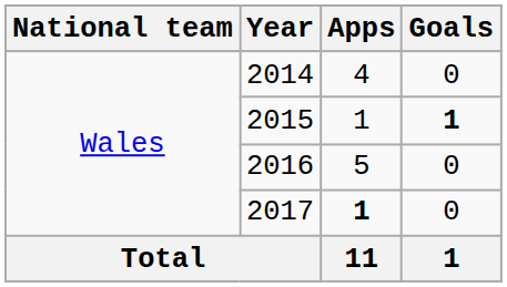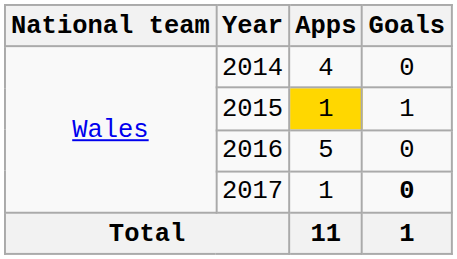 <table class="wikitable" style="text-align:center">
 <tr>
 <th>National team</th>
 <th>Year</th>
 <th>Apps</th>
 <th>Goals</th>
 </tr>
 <tr>
 <td rowspan=4><a href='#'>Wales</a></td>
 <td>2014</td>
 <td>4</td>
 <td>0</td>
 </tr>
 <tr>
 <td>2015</td>
+<td style="background: gold;">1</td>
 <td>1</td>
-<td><strong>1</strong></td>
 </tr>
 <tr>
 <td>2016</td>
 <td>5</td>
 <td>0</td>
 </tr>
 <tr>
 <td>2017</td>
-<td><strong>1</strong></td>
-<td>0</td>
+<td>1</td>
+<td><strong>0</strong></td>
 </tr>
 <tr>
 <th colspan=2>Total</th>
 <th>11</th>
 <th>1</th>
 </tr>
 </table>
